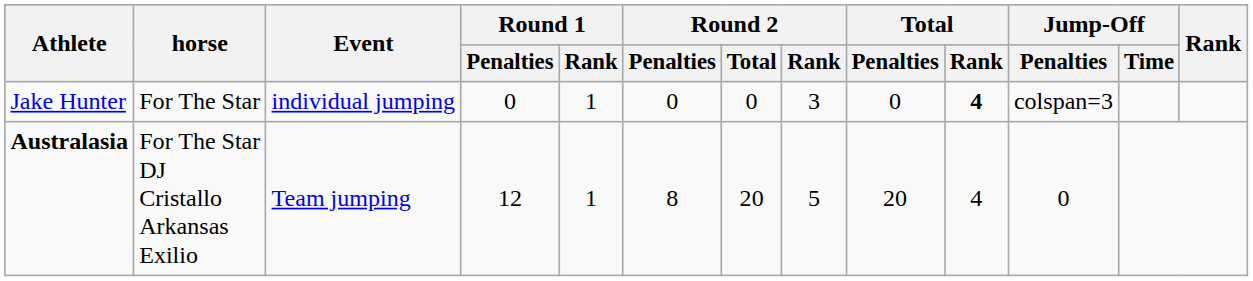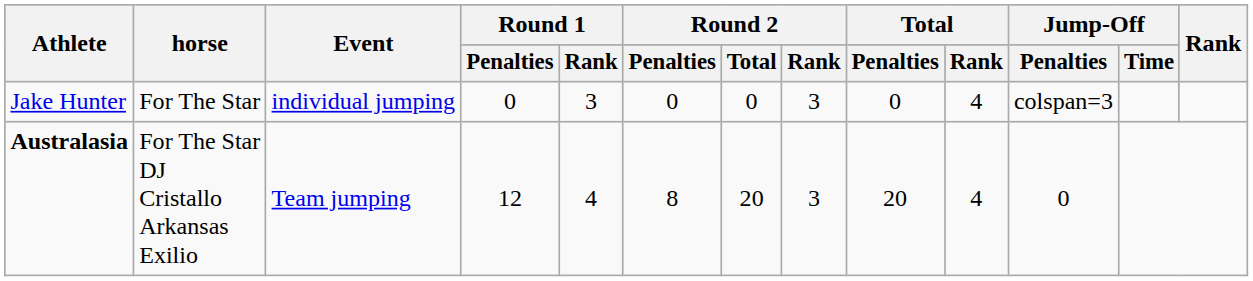 <table class="wikitable" border="1" style="font-size:90%">
 <tr>
 <th rowspan=2>Athlete</th>
 <th rowspan=2>horse</th>
 <th rowspan=2>Event</th>
 <th colspan=2>Round 1</th>
 <th colspan=3>Round 2</th>
 <th colspan=2>Total</th>
 <th colspan=2>Jump-Off</th>
 <th rowspan=2>Rank</th>
 </tr>
 <tr style="font-size:95%">
 <th>Penalties</th>
 <th>Rank</th>
 <th>Penalties</th>
 <th>Total</th>
 <th>Rank</th>
 <th>Penalties</th>
 <th>Rank</th>
 <th>Penalties</th>
 <th>Time</th>
 </tr>
 <tr align=center>
 <td align=left><a href='#'>Jake Hunter</a></td>
 <td align=left>For The Star</td>
 <td align=left><a href='#'>individual jumping</a></td>
 <td>0</td>
-<td>1</td>
+<td>3</td>
 <td>0</td>
 <td>0</td>
 <td>3</td>
 <td>0</td>
-<td><strong>4</strong></td>
+<td>4</td>
 <td>colspan=3 </td>
 <td></td>
 <td></td>
 </tr>
 <tr align=center>
 <td align=left><strong>Australasia</strong><br><br><br><br><br></td>
 <td align=left valign=bottom>For The Star<br>DJ<br>Cristallo<br>Arkansas<br>Exilio</td>
 <td align=left><a href='#'>Team jumping</a></td>
 <td>12</td>
-<td>1</td>
+<td>4</td>
 <td>8</td>
 <td>20</td>
-<td>5</td>
+<td>3</td>
 <td>20</td>
 <td>4</td>
 <td>0</td>
 </tr>
 </table>
